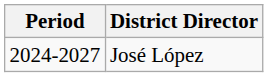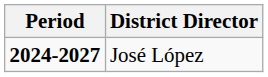 <table class="wikitable">
 <tr>
 <th>Period</th>
 <th>District Director</th>
 </tr>
 <tr>
-<td>2024-2027</td>
+<td><strong>2024-2027</strong></td>
 <td>José López</td>
 </tr>
 </table>
